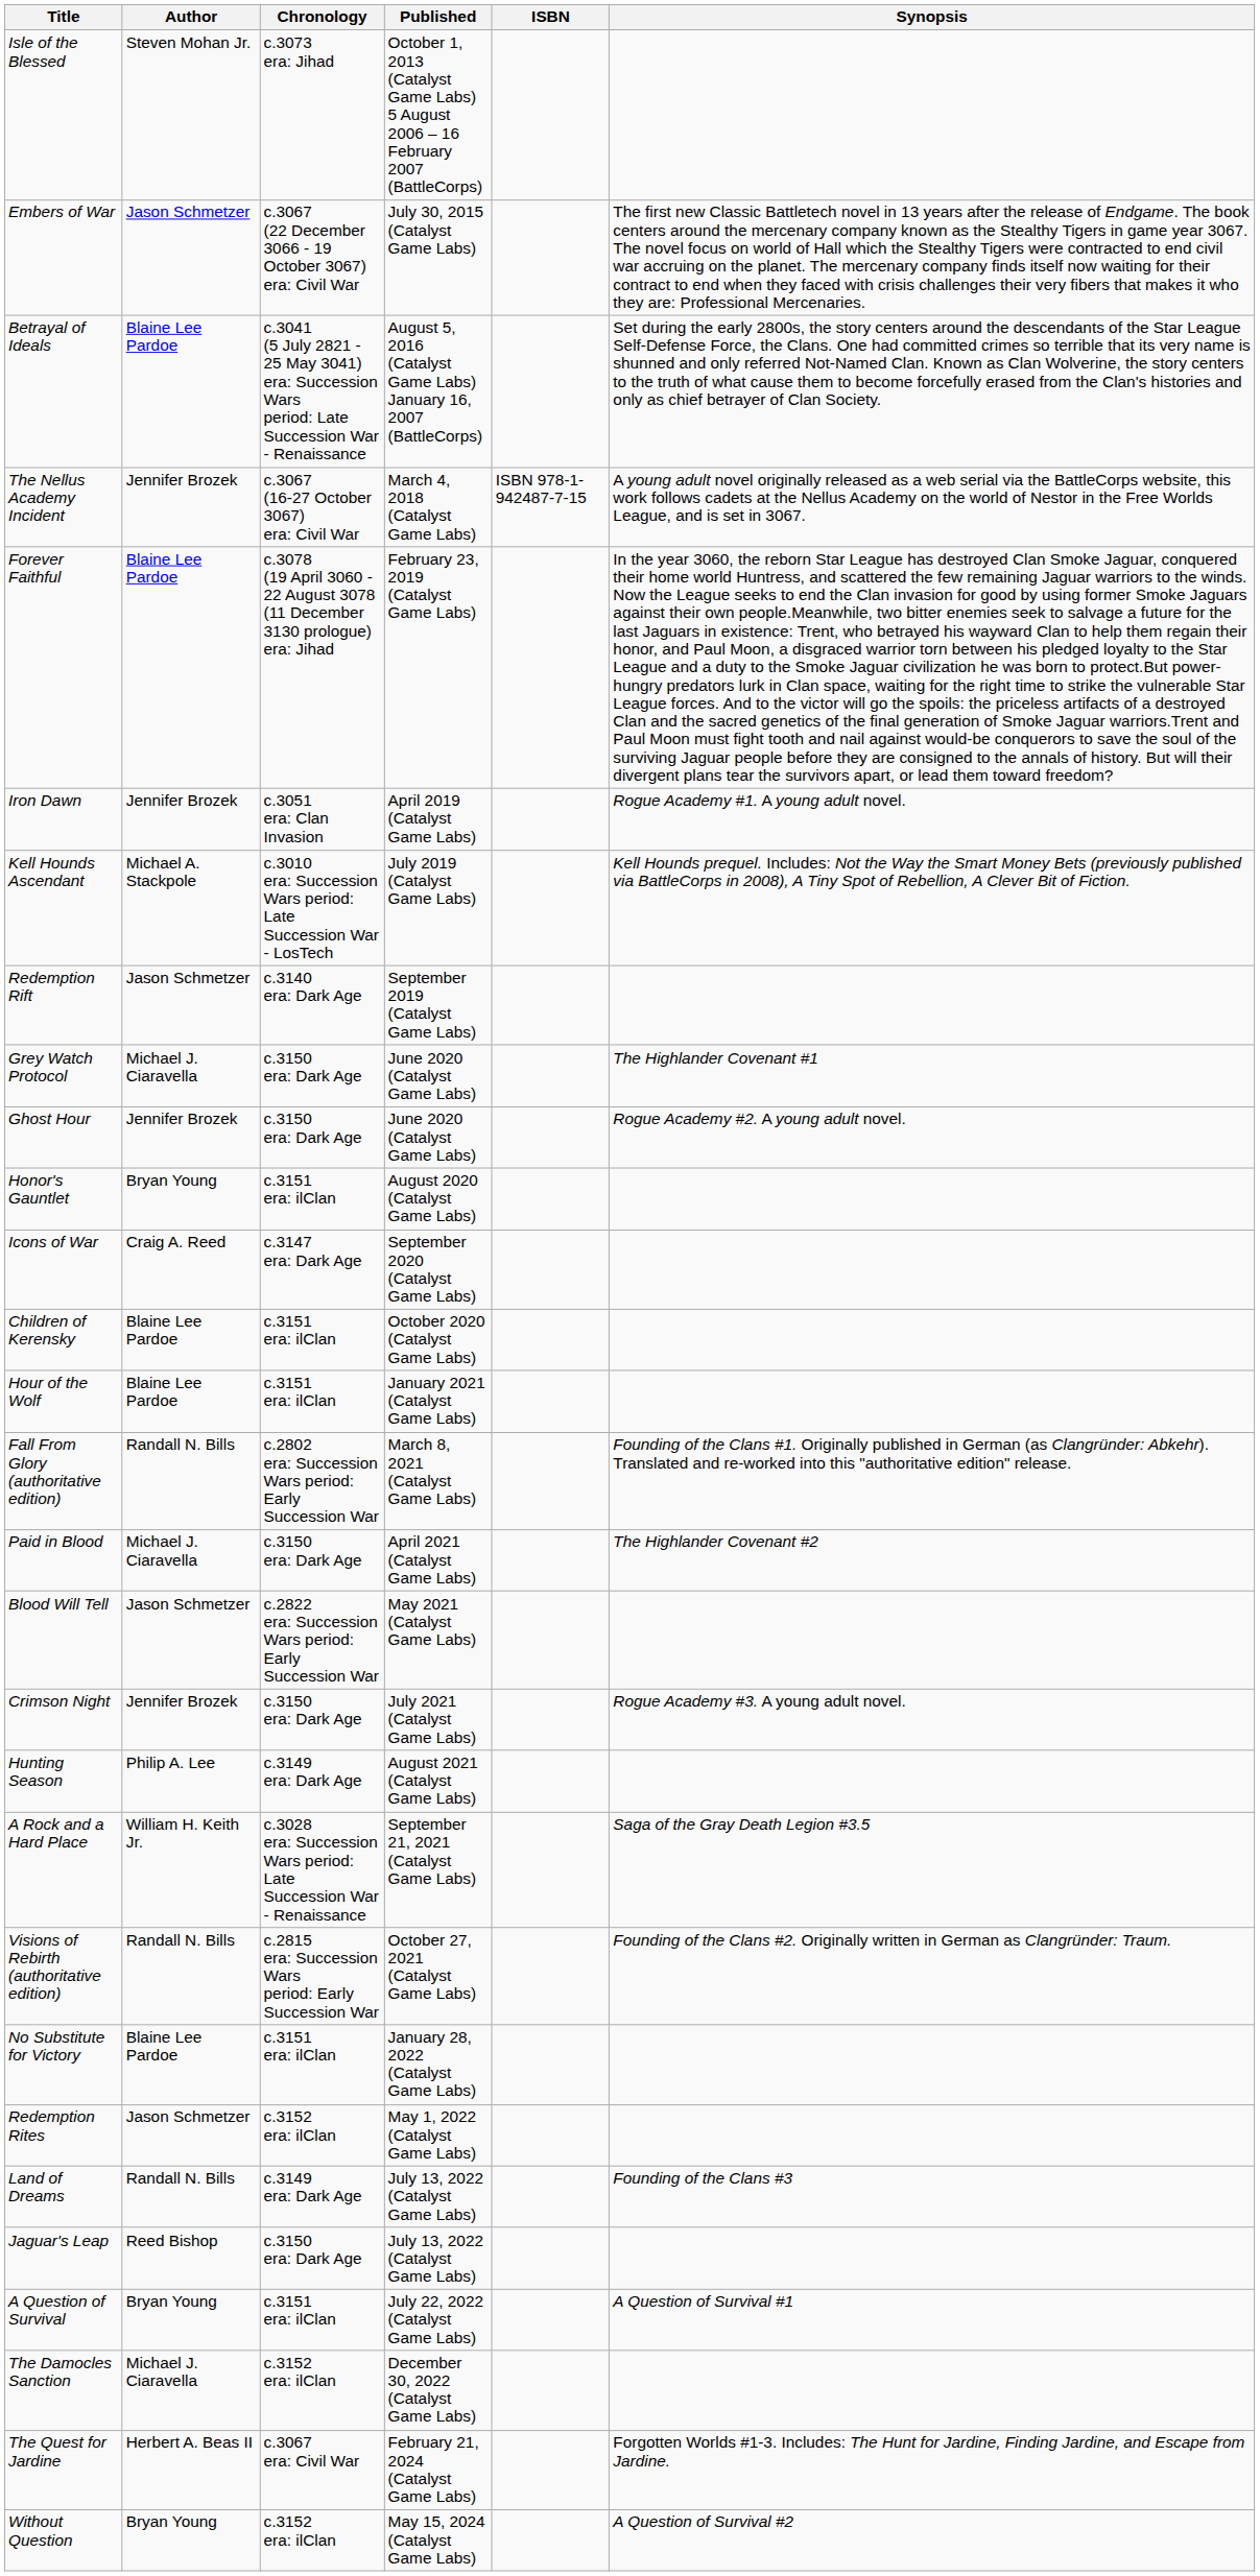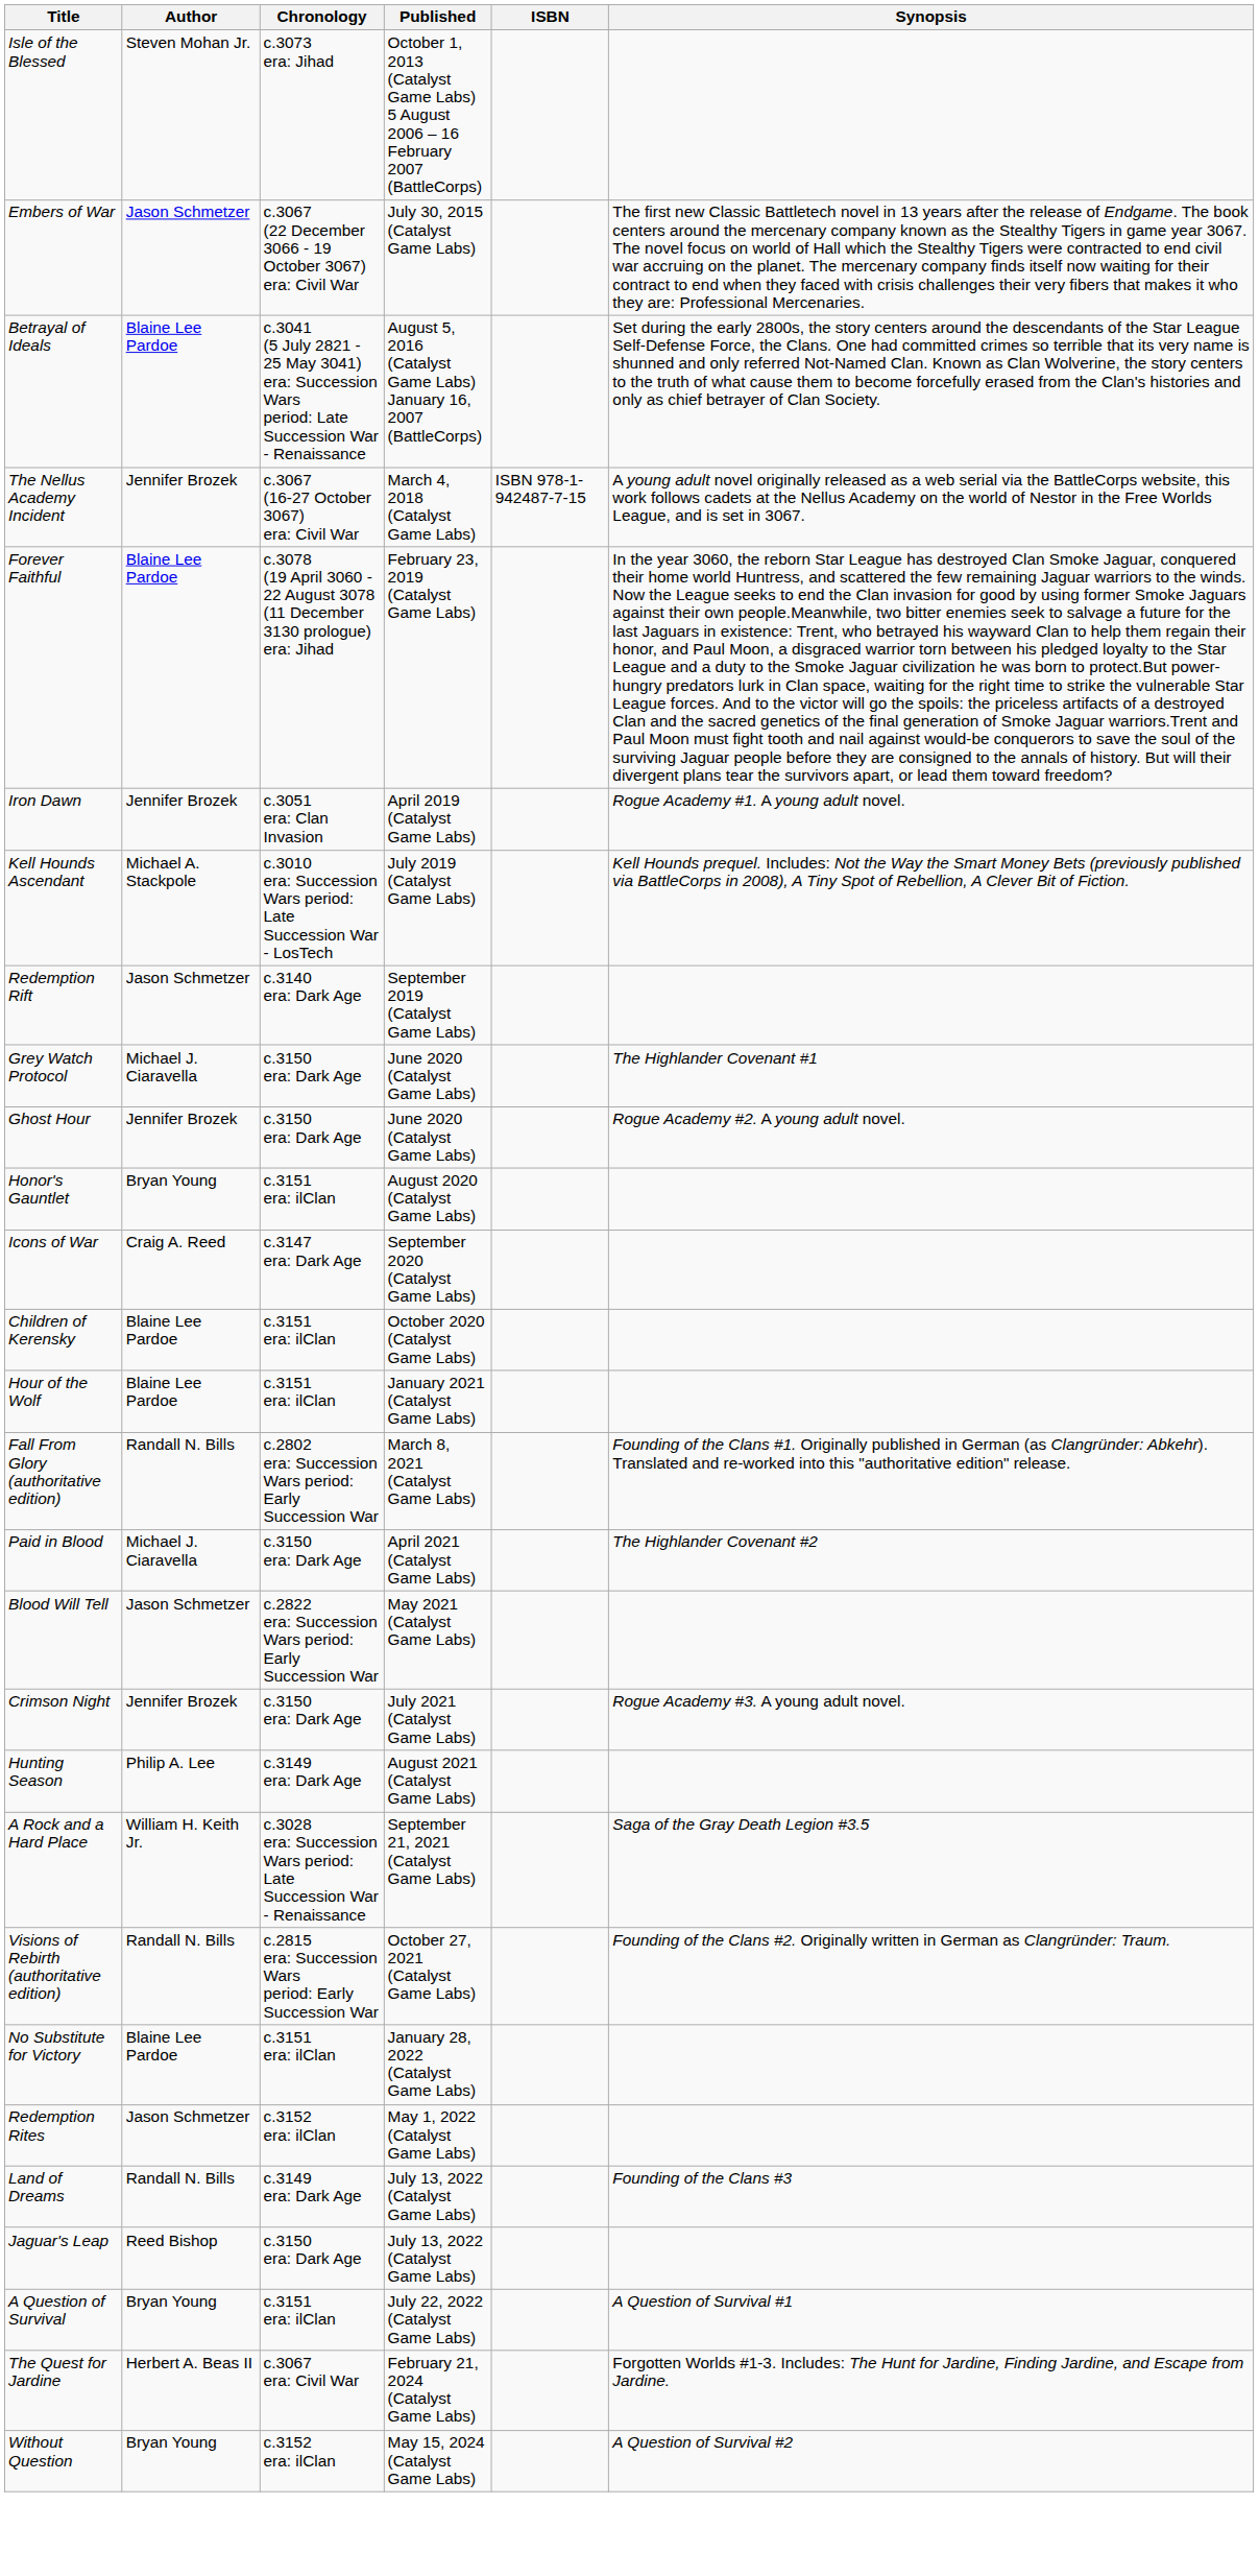 <table class="wikitable sortable">
 <tr>
 <th width="110">Title</th>
 <th width="130">Author</th>
 <th>Chronology</th>
 <th width="100">Published</th>
 <th width="110">ISBN</th>
 <th>Synopsis</th>
 </tr>
 <tr valign="top">
 <td><em>Isle of the Blessed</em></td>
 <td>Steven Mohan Jr.</td>
 <td>c.3073<br>era: Jihad</td>
 <td>October 1, 2013 (Catalyst Game Labs)<br>5 August 2006 – 16 February 2007 (BattleCorps)</td>
 <td></td>
 <td></td>
 </tr>
 <tr valign="top">
 <td><em>Embers of War</em></td>
 <td><a href='#'>Jason Schmetzer</a></td>
 <td>c.3067<br>(22 December 3066 - 19 October 3067)<br>era: Civil War</td>
 <td>July 30, 2015 (Catalyst Game Labs)</td>
 <td></td>
 <td>The first new Classic Battletech novel in 13 years after the release of <em>Endgame</em>. The book centers around the mercenary company known as the Stealthy Tigers in game year 3067. The novel focus on world of Hall which the Stealthy Tigers were contracted to end civil war accruing on the planet. The mercenary company finds itself now waiting for their contract to end when they faced with crisis challenges their very fibers that makes it who they are: Professional Mercenaries.</td>
 </tr>
 <tr valign="top">
 <td><em>Betrayal of Ideals</em></td>
 <td><a href='#'>Blaine Lee Pardoe</a></td>
 <td>c.3041<br>(5 July 2821 - 25 May 3041)<br>era: Succession Wars<br>period: Late Succession War - Renaissance</td>
 <td>August 5, 2016 (Catalyst Game Labs)<br>January 16, 2007 (BattleCorps)</td>
 <td></td>
 <td>Set during the early 2800s, the story centers around the descendants of the Star League Self-Defense Force, the Clans. One had committed crimes so terrible that its very name is shunned and only referred Not-Named Clan.  Known as Clan Wolverine, the story centers to the truth of what cause them to become forcefully erased from the Clan's histories and only as chief betrayer of Clan Society.</td>
 </tr>
 <tr valign="top">
 <td><em>The Nellus Academy Incident</em></td>
 <td>Jennifer Brozek</td>
 <td>c.3067<br>(16-27 October 3067)<br>era: Civil War</td>
 <td>March 4, 2018 (Catalyst Game Labs)</td>
 <td>ISBN 978-1-942487-7-15</td>
 <td>A <em>young adult</em> novel originally released as a web serial via the BattleCorps website, this work follows cadets at the Nellus Academy on the world of Nestor in the Free Worlds League, and is set in 3067.</td>
 </tr>
 <tr valign="top">
 <td><em>Forever Faithful</em></td>
 <td><a href='#'>Blaine Lee Pardoe</a></td>
 <td>c.3078<br>(19 April 3060 - 22 August 3078 (11 December 3130 prologue)<br>era: Jihad</td>
 <td>February 23, 2019 (Catalyst Game Labs)</td>
 <td></td>
 <td>In the year 3060, the reborn Star League has destroyed Clan Smoke Jaguar, conquered their home world Huntress, and scattered the few remaining Jaguar warriors to the winds. Now the League seeks to end the Clan invasion for good by using former Smoke Jaguars against their own people.Meanwhile, two bitter enemies seek to salvage a future for the last Jaguars in existence: Trent, who betrayed his wayward Clan to help them regain their honor, and Paul Moon, a disgraced warrior torn between his pledged loyalty to the Star League and a duty to the Smoke Jaguar civilization he was born to protect.But power-hungry predators lurk in Clan space, waiting for the right time to strike the vulnerable Star League forces. And to the victor will go the spoils: the priceless artifacts of a destroyed Clan and the sacred genetics of the final generation of Smoke Jaguar warriors.Trent and Paul Moon must fight tooth and nail against would-be conquerors to save the soul of the surviving Jaguar people before they are consigned to the annals of history. But will their divergent plans tear the survivors apart, or lead them toward freedom?</td>
 </tr>
 <tr valign="top">
 <td><em>Iron Dawn</em></td>
 <td>Jennifer Brozek</td>
 <td>c.3051<br>era: Clan Invasion</td>
 <td>April 2019 (Catalyst Game Labs)</td>
 <td></td>
 <td><em>Rogue Academy #1.</em> A <em>young adult</em> novel.</td>
 </tr>
 <tr valign="top">
 <td><em>Kell Hounds Ascendant</em></td>
 <td>Michael A. Stackpole</td>
 <td>c.3010<br>era: Succession Wars period: Late Succession War - LosTech</td>
 <td>July 2019 (Catalyst Game Labs)</td>
 <td></td>
 <td><em>Kell Hounds prequel.</em> Includes: <em>Not the Way the Smart Money Bets (previously published via BattleCorps in 2008), A Tiny Spot of Rebellion, A Clever Bit of Fiction.</em></td>
 </tr>
 <tr valign="top">
 <td><em>Redemption Rift</em></td>
 <td>Jason Schmetzer</td>
 <td>c.3140<br>era: Dark Age</td>
 <td>September 2019 (Catalyst Game Labs)</td>
 <td></td>
 <td></td>
 </tr>
 <tr valign="top">
 <td><em>Grey Watch Protocol</em></td>
 <td>Michael J. Ciaravella</td>
 <td>c.3150<br>era: Dark Age</td>
 <td>June 2020 (Catalyst Game Labs)</td>
 <td></td>
 <td><em>The Highlander Covenant #1</em></td>
 </tr>
 <tr valign="top">
 <td><em>Ghost Hour</em></td>
 <td>Jennifer Brozek</td>
 <td>c.3150<br>era: Dark Age</td>
 <td>June 2020 (Catalyst Game Labs)</td>
 <td></td>
 <td><em>Rogue Academy #2.</em> A <em>young adult</em> novel.</td>
 </tr>
 <tr valign="top">
 <td><em>Honor's Gauntlet</em></td>
 <td>Bryan Young</td>
 <td>c.3151<br>era: ilClan</td>
 <td>August 2020 (Catalyst Game Labs)</td>
 <td></td>
 <td></td>
 </tr>
 <tr valign="top">
 <td><em>Icons of War</em></td>
 <td>Craig A. Reed</td>
 <td>c.3147<br>era: Dark Age</td>
 <td>September 2020 (Catalyst Game Labs)</td>
 <td></td>
 <td></td>
 </tr>
 <tr valign="top">
 <td><em>Children of Kerensky</em></td>
 <td>Blaine Lee Pardoe</td>
 <td>c.3151<br>era: ilClan</td>
 <td>October 2020 (Catalyst Game Labs)</td>
 <td></td>
 <td></td>
 </tr>
 <tr valign="top">
 <td><em>Hour of the Wolf</em></td>
 <td>Blaine Lee Pardoe</td>
 <td>c.3151<br>era: ilClan</td>
 <td>January 2021 (Catalyst Game Labs)</td>
 <td></td>
 <td></td>
 </tr>
 <tr valign="top">
 <td><em>Fall From Glory (authoritative edition)</em></td>
 <td>Randall N. Bills</td>
 <td>c.2802<br>era: Succession Wars period: Early Succession War</td>
 <td>March 8, 2021 (Catalyst Game Labs)</td>
 <td></td>
 <td><em>Founding of the Clans #1.</em> Originally published in German (as <em>Clangründer: Abkehr</em>). Translated and re-worked into this "authoritative edition" release.</td>
 </tr>
 <tr valign="top">
 <td><em>Paid in Blood</em></td>
 <td>Michael J. Ciaravella</td>
 <td>c.3150<br>era: Dark Age</td>
 <td>April 2021 (Catalyst Game Labs)</td>
 <td></td>
 <td><em>The Highlander Covenant #2</em></td>
 </tr>
 <tr valign="top">
 <td><em>Blood Will Tell</em></td>
 <td>Jason Schmetzer</td>
 <td>c.2822<br>era: Succession Wars period: Early Succession War</td>
 <td>May 2021 (Catalyst Game Labs)</td>
 <td></td>
 <td></td>
 </tr>
 <tr valign="top">
 <td><em>Crimson Night</em></td>
 <td>Jennifer Brozek</td>
 <td>c.3150<br>era: Dark Age</td>
 <td>July 2021 (Catalyst Game Labs)</td>
 <td></td>
 <td><em>Rogue Academy #3.</em> A young adult novel.</td>
 </tr>
 <tr valign="top">
 <td><em>Hunting Season</em></td>
 <td>Philip A. Lee</td>
 <td>c.3149<br>era: Dark Age</td>
 <td>August 2021 (Catalyst Game Labs)</td>
 <td></td>
 <td></td>
 </tr>
 <tr valign="top">
 <td><em>A Rock and a Hard Place</em></td>
 <td>William H. Keith Jr.</td>
 <td>c.3028<br>era: Succession Wars period: Late Succession War - Renaissance</td>
 <td>September 21, 2021 (Catalyst Game Labs)</td>
 <td></td>
 <td><em>Saga of the Gray Death Legion #3.5</em></td>
 </tr>
 <tr valign="top">
 <td><em>Visions of Rebirth (authoritative edition)</em></td>
 <td>Randall N. Bills</td>
 <td>c.2815<br>era: Succession Wars<br>period: Early Succession War</td>
 <td>October 27, 2021 (Catalyst Game Labs)</td>
 <td></td>
 <td><em>Founding of the Clans #2.</em>  Originally written in German as <em>Clangründer: Traum.</em></td>
 </tr>
 <tr valign="top">
 <td><em>No Substitute for Victory</em></td>
 <td>Blaine Lee Pardoe</td>
 <td>c.3151<br>era: ilClan</td>
 <td>January 28, 2022 (Catalyst Game Labs)</td>
 <td></td>
 <td></td>
 </tr>
 <tr valign="top">
 <td><em>Redemption Rites</em></td>
 <td>Jason Schmetzer</td>
 <td>c.3152<br>era: ilClan</td>
 <td>May 1, 2022 (Catalyst Game Labs)</td>
 <td></td>
 <td></td>
 </tr>
 <tr valign="top">
 <td><em>Land of Dreams</em></td>
 <td>Randall N. Bills</td>
 <td>c.3149<br>era: Dark Age</td>
 <td>July 13, 2022 (Catalyst Game Labs)</td>
 <td></td>
 <td><em>Founding of the Clans #3</em></td>
 </tr>
 <tr valign="top">
 <td><em>Jaguar's Leap</em></td>
 <td>Reed Bishop</td>
 <td>c.3150<br>era: Dark Age</td>
 <td>July 13, 2022 (Catalyst Game Labs)</td>
 <td></td>
 <td></td>
 </tr>
 <tr valign="top">
 <td><em>A Question of Survival</em></td>
 <td>Bryan Young</td>
 <td>c.3151<br>era: ilClan</td>
 <td>July 22, 2022 (Catalyst Game Labs)</td>
 <td></td>
 <td><em>A Question of Survival #1</em></td>
 </tr>
 <tr valign="top">
-<td><em>The Damocles Sanction</em></td>
-<td>Michael J. Ciaravella</td>
-<td>c.3152<br>era: ilClan</td>
-<td>December 30, 2022 (Catalyst Game Labs)</td>
-<td></td>
-<td></td>
-</tr>
-<tr valign="top">
 <td><em>The Quest for Jardine</em></td>
 <td>Herbert A. Beas II</td>
 <td>c.3067<br>era: Civil War</td>
 <td>February 21, 2024 (Catalyst Game Labs)</td>
 <td></td>
 <td>Forgotten Worlds #1-3. Includes: <em>The Hunt for Jardine, Finding Jardine, and Escape from Jardine.</em></td>
 </tr>
 <tr valign="top">
 <td><em>Without Question</em></td>
 <td>Bryan Young</td>
 <td>c.3152<br>era: ilClan</td>
 <td>May 15, 2024 (Catalyst Game Labs)</td>
 <td></td>
 <td><em>A Question of Survival #2</em></td>
 </tr>
 </table>
